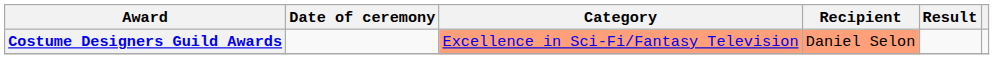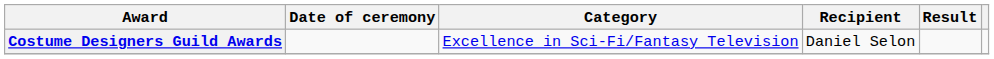 <table class="wikitable sortable plainrowheaders col6center">
 <tr>
 <th scope="col">Award</th>
 <th scope="col">Date of ceremony</th>
 <th scope="col">Category</th>
 <th scope="col">Recipient</th>
 <th scope="col">Result</th>
 <th scope="col" class="unsortable"></th>
 </tr>
 <tr>
 <th scope="row" rowspan="1"><a href='#'>Costume Designers Guild Awards</a></th>
 <td rowspan="1"><a href='#'></a></td>
-<td style="background: lightsalmon;"><a href='#'>Excellence in Sci-Fi/Fantasy Television</a></td>
-<td style="background: lightsalmon;">Daniel Selon</td>
+<td><a href='#'>Excellence in Sci-Fi/Fantasy Television</a></td>
+<td>Daniel Selon</td>
 <td></td>
 <td></td>
 </tr>
 <tr>
 </tr>
 </table>
